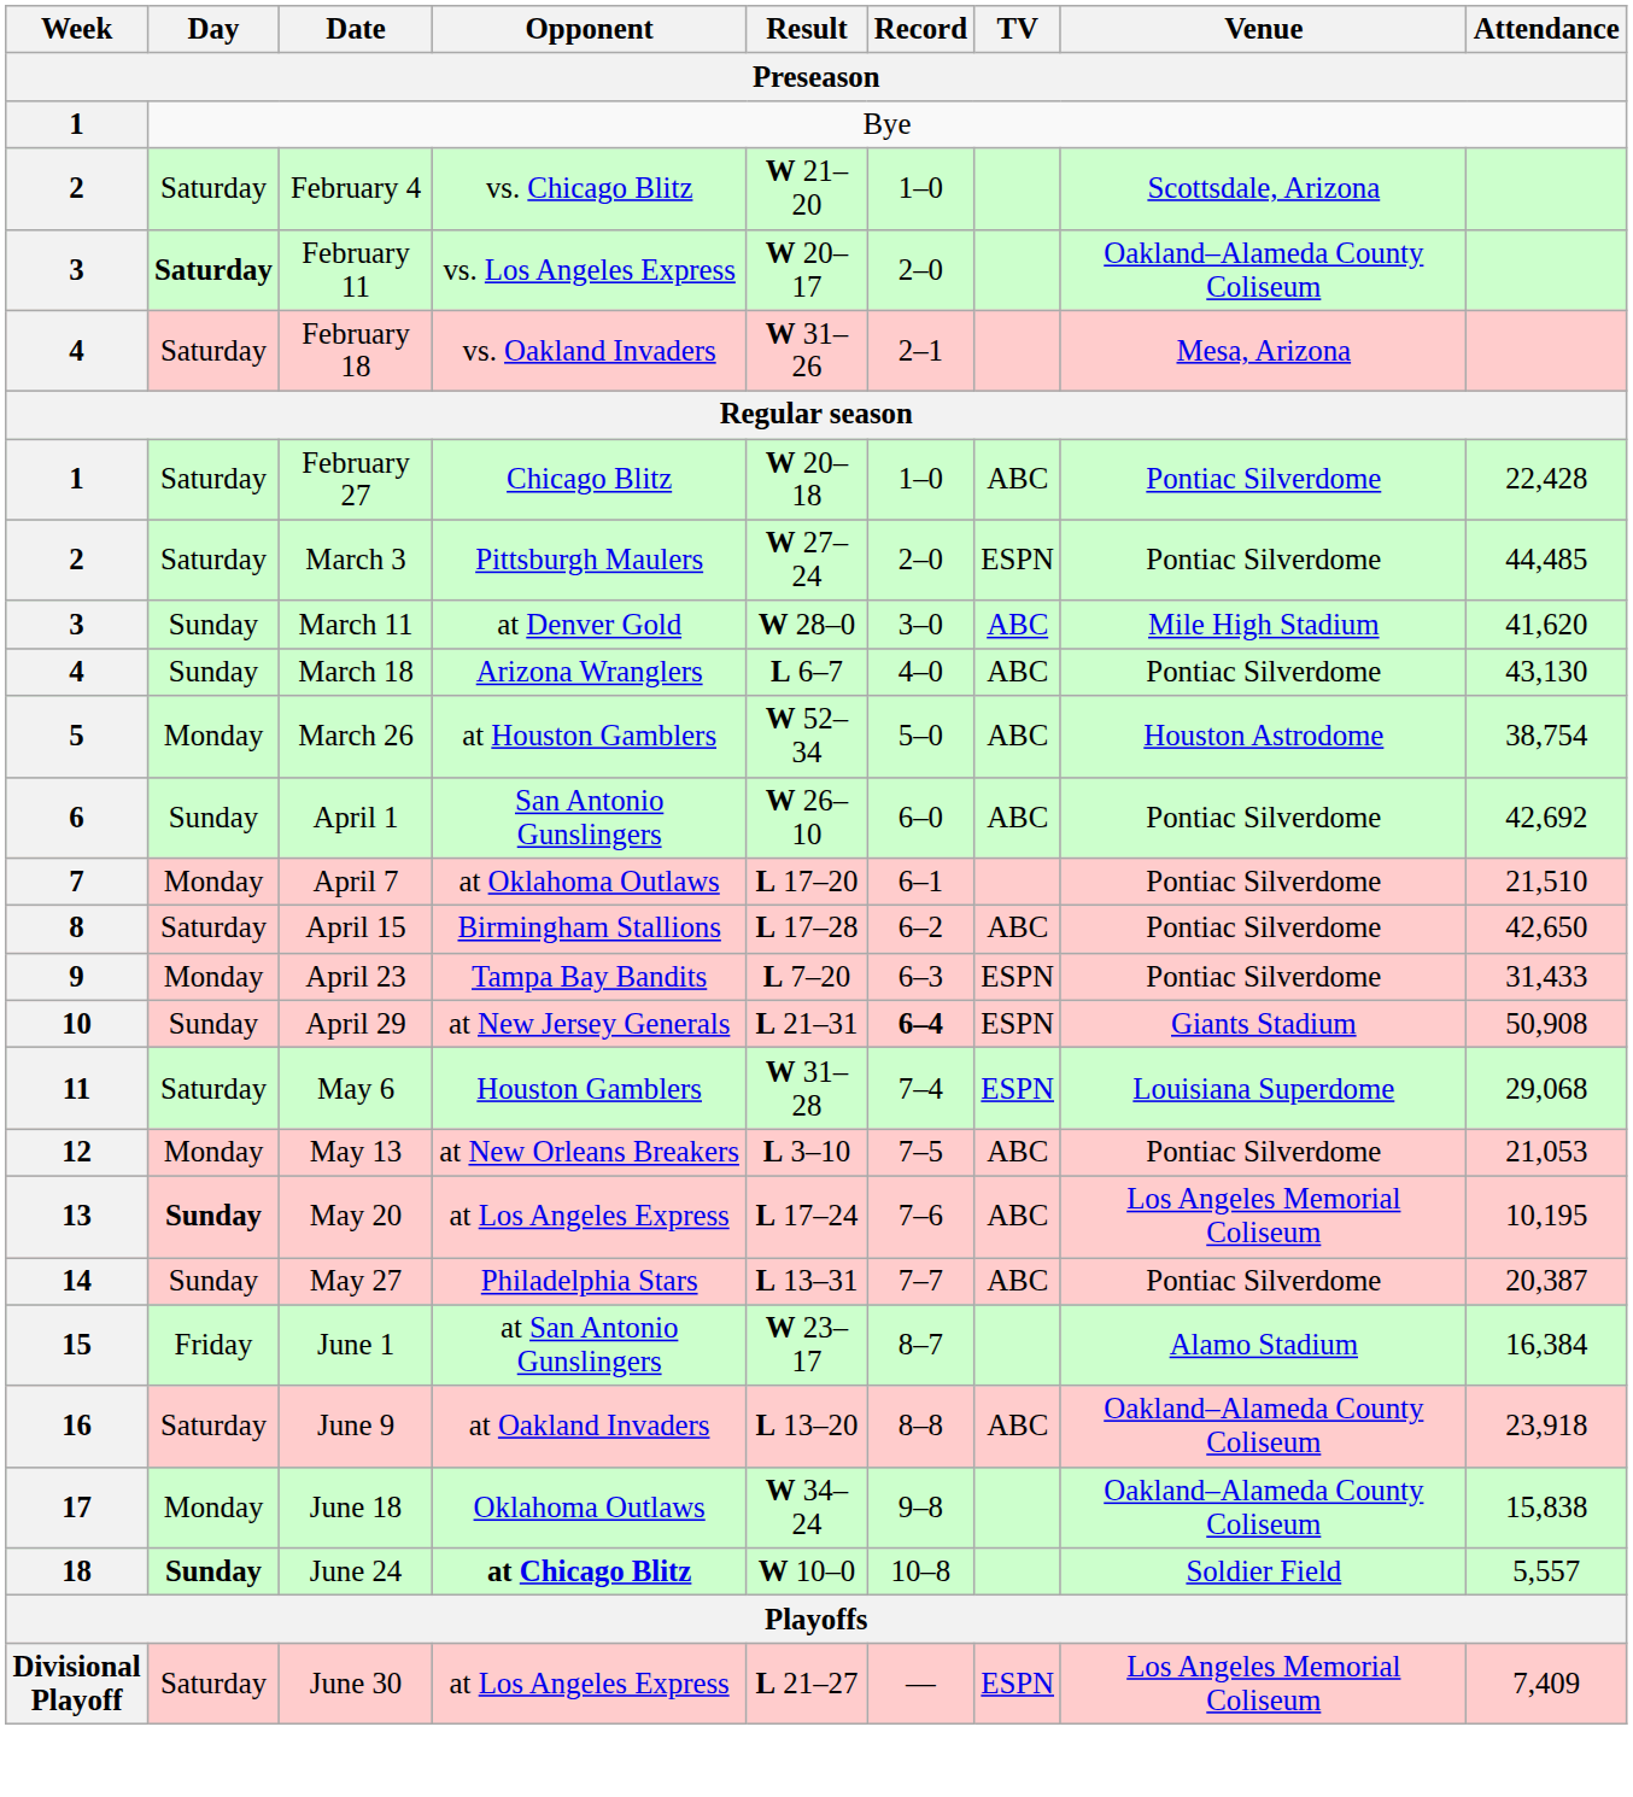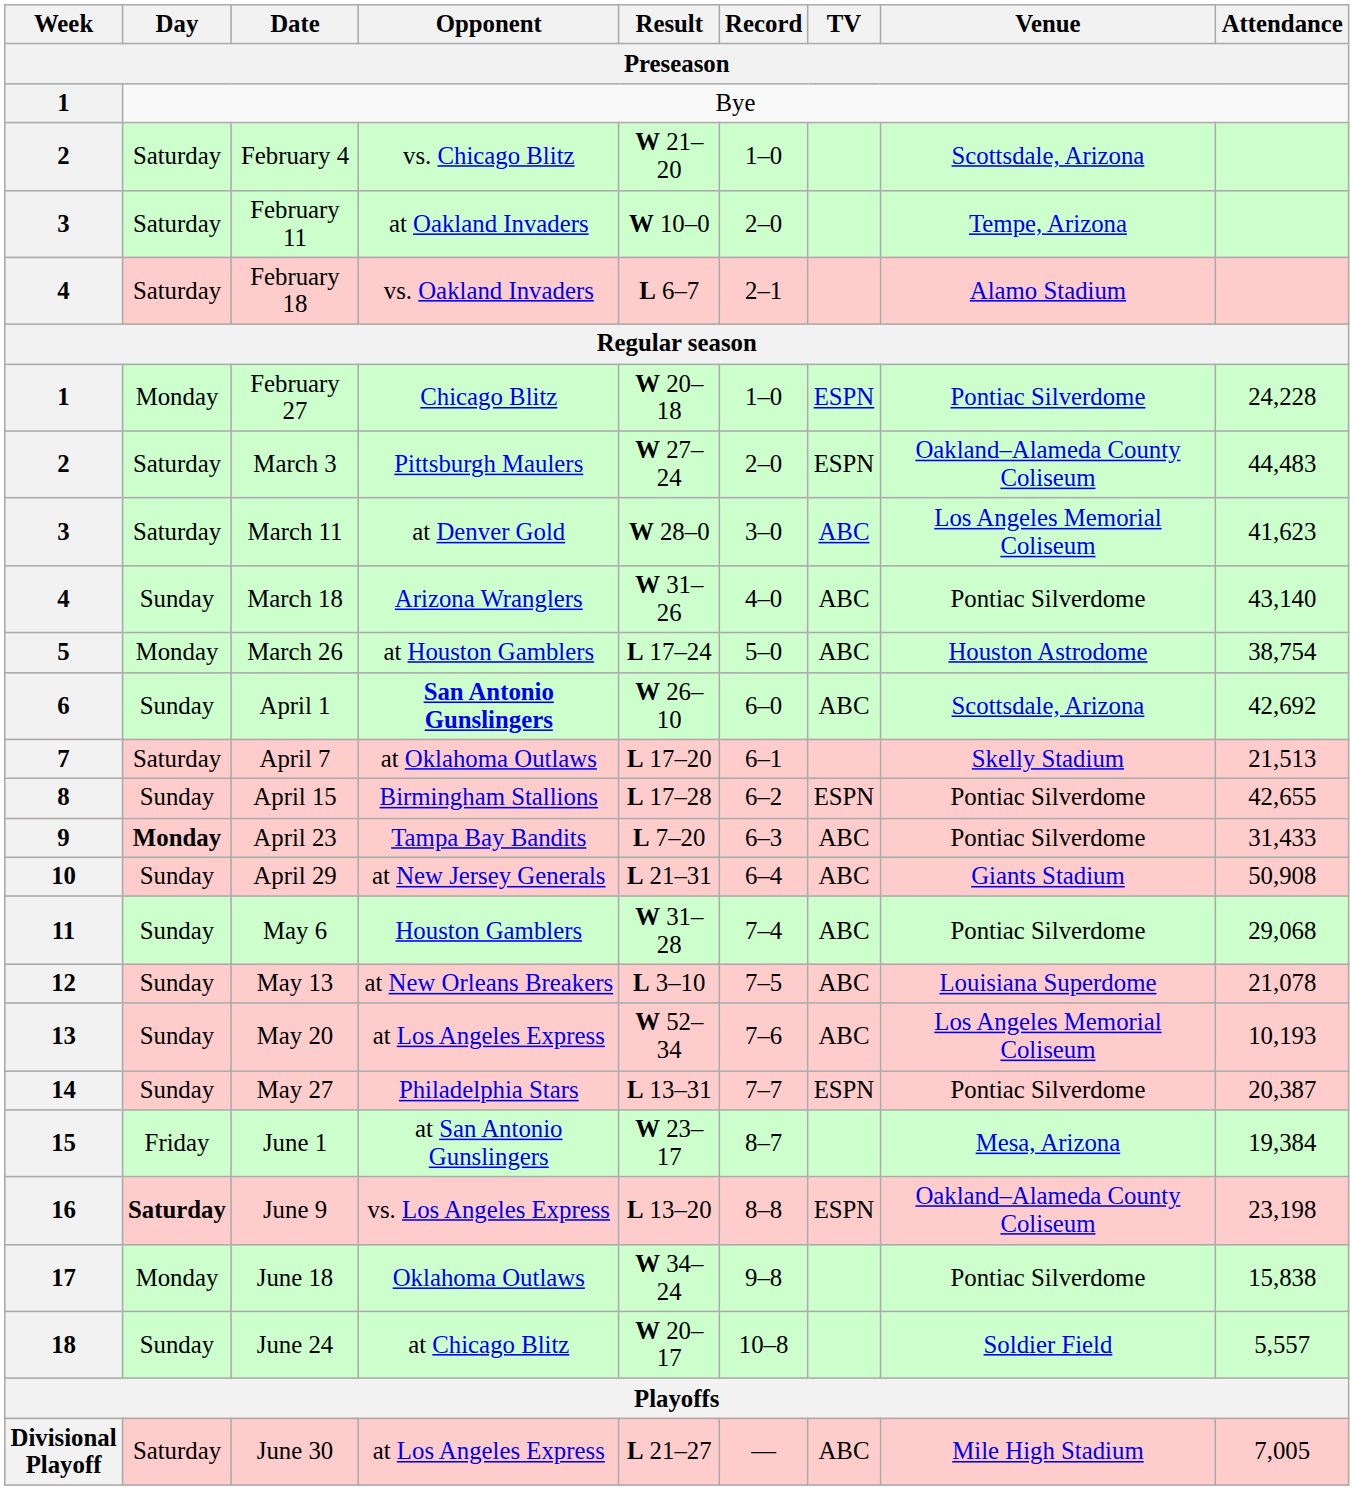 <table class="wikitable" style="text-align:center">
 <tr>
 <th>Week</th>
 <th>Day</th>
 <th>Date</th>
 <th>Opponent</th>
 <th>Result</th>
 <th>Record</th>
 <th>TV</th>
 <th>Venue</th>
 <th>Attendance</th>
 </tr>
 <tr>
 <th colspan="9">Preseason</th>
 </tr>
 <tr>
 <th>1</th>
 <td colspan=8>Bye</td>
 </tr>
 <tr style="background:#cfc">
 <th>2</th>
 <td>Saturday</td>
 <td>February 4</td>
 <td>vs. <a href='#'>Chicago Blitz</a></td>
 <td><strong>W</strong> 21–20</td>
 <td>1–0</td>
 <td></td>
 <td><a href='#'>Scottsdale, Arizona</a></td>
 <td></td>
 </tr>
 <tr style="background:#cfc">
 <th>3</th>
-<td><strong>Saturday</strong></td>
+<td>Saturday</td>
 <td>February 11</td>
-<td>vs. <a href='#'>Los Angeles Express</a></td>
-<td><strong>W</strong> 20–17</td>
+<td>at <a href='#'>Oakland Invaders</a></td>
+<td><strong>W</strong> 10–0</td>
 <td>2–0</td>
 <td></td>
-<td><a href='#'>Oakland–Alameda County Coliseum</a></td>
+<td><a href='#'>Tempe, Arizona</a></td>
 <td></td>
 </tr>
 <tr style="background:#fcc">
 <th>4</th>
 <td>Saturday</td>
 <td>February 18</td>
 <td>vs. <a href='#'>Oakland Invaders</a></td>
-<td><strong>W</strong> 31–26</td>
+<td><strong>L</strong> 6–7</td>
 <td>2–1</td>
 <td></td>
-<td><a href='#'>Mesa, Arizona</a></td>
+<td><a href='#'>Alamo Stadium</a></td>
 <td></td>
 </tr>
 <tr style="text-align:center;">
 <th colspan="9">Regular season</th>
 </tr>
 <tr style="background:#cfc">
 <th>1</th>
-<td>Saturday</td>
+<td>Monday</td>
 <td>February 27</td>
 <td><a href='#'>Chicago Blitz</a></td>
 <td><strong>W</strong> 20–18</td>
 <td>1–0</td>
-<td>ABC</td>
+<td><a href='#'>ESPN</a></td>
 <td><a href='#'>Pontiac Silverdome</a></td>
-<td>22,428</td>
+<td>24,228</td>
 </tr>
 <tr style="background:#cfc">
 <th>2</th>
 <td>Saturday</td>
 <td>March 3</td>
 <td><a href='#'>Pittsburgh Maulers</a></td>
 <td><strong>W</strong> 27–24</td>
 <td>2–0</td>
 <td>ESPN</td>
-<td>Pontiac Silverdome</td>
-<td>44,485</td>
+<td><a href='#'>Oakland–Alameda County Coliseum</a></td>
+<td>44,483</td>
 </tr>
 <tr style="background:#cfc">
 <th>3</th>
-<td>Sunday</td>
+<td>Saturday</td>
 <td>March 11</td>
 <td>at <a href='#'>Denver Gold</a></td>
 <td><strong>W</strong> 28–0</td>
 <td>3–0</td>
 <td><a href='#'>ABC</a></td>
-<td><a href='#'>Mile High Stadium</a></td>
-<td>41,620</td>
+<td><a href='#'>Los Angeles Memorial Coliseum</a></td>
+<td>41,623</td>
 </tr>
 <tr style="background:#cfc">
 <th>4</th>
 <td>Sunday</td>
 <td>March 18</td>
 <td><a href='#'>Arizona Wranglers</a></td>
-<td><strong>L</strong> 6–7</td>
+<td><strong>W</strong> 31–26</td>
 <td>4–0</td>
 <td>ABC</td>
 <td>Pontiac Silverdome</td>
-<td>43,130</td>
+<td>43,140</td>
 </tr>
 <tr style="background:#cfc">
 <th>5</th>
 <td>Monday</td>
 <td>March 26</td>
 <td>at <a href='#'>Houston Gamblers</a></td>
-<td><strong>W</strong> 52–34</td>
+<td><strong>L</strong> 17–24</td>
 <td>5–0</td>
 <td>ABC</td>
 <td><a href='#'>Houston Astrodome</a></td>
 <td>38,754</td>
 </tr>
 <tr style="background:#cfc">
 <th>6</th>
 <td>Sunday</td>
 <td>April 1</td>
-<td><a href='#'>San Antonio Gunslingers</a></td>
+<td><strong><a href='#'>San Antonio Gunslingers</a></strong></td>
 <td><strong>W</strong> 26–10</td>
 <td>6–0</td>
 <td>ABC</td>
-<td>Pontiac Silverdome</td>
+<td><a href='#'>Scottsdale, Arizona</a></td>
 <td>42,692</td>
 </tr>
 <tr style="background:#fcc">
 <th>7</th>
-<td>Monday</td>
+<td>Saturday</td>
 <td>April 7</td>
 <td>at <a href='#'>Oklahoma Outlaws</a></td>
 <td><strong>L</strong> 17–20</td>
 <td>6–1</td>
 <td></td>
-<td>Pontiac Silverdome</td>
-<td>21,510</td>
+<td><a href='#'>Skelly Stadium</a></td>
+<td>21,513</td>
 </tr>
 <tr style="background:#fcc">
 <th>8</th>
-<td>Saturday</td>
+<td>Sunday</td>
 <td>April 15</td>
 <td><a href='#'>Birmingham Stallions</a></td>
 <td><strong>L</strong> 17–28</td>
 <td>6–2</td>
-<td>ABC</td>
+<td>ESPN</td>
 <td>Pontiac Silverdome</td>
-<td>42,650</td>
+<td>42,655</td>
 </tr>
 <tr style="background:#fcc">
 <th>9</th>
-<td>Monday</td>
+<td><strong>Monday</strong></td>
 <td>April 23</td>
 <td><a href='#'>Tampa Bay Bandits</a></td>
 <td><strong>L</strong> 7–20</td>
 <td>6–3</td>
-<td>ESPN</td>
+<td>ABC</td>
 <td>Pontiac Silverdome</td>
 <td>31,433</td>
 </tr>
 <tr style="background:#fcc">
 <th>10</th>
 <td>Sunday</td>
 <td>April 29</td>
 <td>at <a href='#'>New Jersey Generals</a></td>
 <td><strong>L</strong> 21–31</td>
-<td><strong>6–4</strong></td>
-<td>ESPN</td>
+<td>6–4</td>
+<td>ABC</td>
 <td><a href='#'>Giants Stadium</a></td>
 <td>50,908</td>
 </tr>
 <tr style="background:#cfc">
 <th>11</th>
-<td>Saturday</td>
+<td>Sunday</td>
 <td>May 6</td>
 <td><a href='#'>Houston Gamblers</a></td>
 <td><strong>W</strong> 31–28 </td>
 <td>7–4</td>
-<td><a href='#'>ESPN</a></td>
-<td><a href='#'>Louisiana Superdome</a></td>
+<td>ABC</td>
+<td>Pontiac Silverdome</td>
 <td>29,068</td>
 </tr>
 <tr style="background:#fcc">
 <th>12</th>
-<td>Monday</td>
+<td>Sunday</td>
 <td>May 13</td>
 <td>at <a href='#'>New Orleans Breakers</a></td>
 <td><strong>L</strong> 3–10</td>
 <td>7–5</td>
 <td>ABC</td>
-<td>Pontiac Silverdome</td>
-<td>21,053</td>
+<td><a href='#'>Louisiana Superdome</a></td>
+<td>21,078</td>
 </tr>
 <tr style="background:#fcc">
 <th>13</th>
-<td><strong>Sunday</strong></td>
+<td>Sunday</td>
 <td>May 20</td>
 <td>at <a href='#'>Los Angeles Express</a></td>
-<td><strong>L</strong> 17–24</td>
+<td><strong>W</strong> 52–34</td>
 <td>7–6</td>
 <td>ABC</td>
 <td><a href='#'>Los Angeles Memorial Coliseum</a></td>
-<td>10,195</td>
+<td>10,193</td>
 </tr>
 <tr style="background:#fcc">
 <th>14</th>
 <td>Sunday</td>
 <td>May 27</td>
 <td><a href='#'>Philadelphia Stars</a></td>
 <td><strong>L</strong> 13–31</td>
 <td>7–7</td>
-<td>ABC</td>
+<td>ESPN</td>
 <td>Pontiac Silverdome</td>
 <td>20,387</td>
 </tr>
 <tr style="background:#cfc">
 <th>15</th>
 <td>Friday</td>
 <td>June 1</td>
 <td>at <a href='#'>San Antonio Gunslingers</a></td>
 <td><strong>W</strong> 23–17 </td>
 <td>8–7</td>
 <td></td>
-<td><a href='#'>Alamo Stadium</a></td>
-<td>16,384</td>
+<td><a href='#'>Mesa, Arizona</a></td>
+<td>19,384</td>
 </tr>
 <tr style="background:#fcc">
 <th>16</th>
-<td>Saturday</td>
+<td><strong>Saturday</strong></td>
 <td>June 9</td>
-<td>at <a href='#'>Oakland Invaders</a></td>
+<td>vs. <a href='#'>Los Angeles Express</a></td>
 <td><strong>L</strong> 13–20</td>
 <td>8–8</td>
-<td>ABC</td>
+<td>ESPN</td>
 <td><a href='#'>Oakland–Alameda County Coliseum</a></td>
-<td>23,918</td>
+<td>23,198</td>
 </tr>
 <tr style="background:#cfc">
 <th>17</th>
 <td>Monday</td>
 <td>June 18</td>
 <td><a href='#'>Oklahoma Outlaws</a></td>
 <td><strong>W</strong> 34–24</td>
 <td>9–8</td>
 <td></td>
-<td><a href='#'>Oakland–Alameda County Coliseum</a></td>
+<td>Pontiac Silverdome</td>
 <td>15,838</td>
 </tr>
 <tr style="background:#cfc">
 <th>18</th>
-<td><strong>Sunday</strong></td>
+<td>Sunday</td>
 <td>June 24</td>
-<td><strong>at <a href='#'>Chicago Blitz</a></strong></td>
-<td><strong>W</strong> 10–0</td>
+<td>at <a href='#'>Chicago Blitz</a></td>
+<td><strong>W</strong> 20–17</td>
 <td>10–8</td>
 <td></td>
 <td><a href='#'>Soldier Field</a></td>
 <td>5,557</td>
 </tr>
 <tr>
 <th colspan="9">Playoffs</th>
 </tr>
 <tr style="background:#fcc">
 <th>Divisional<br>Playoff</th>
 <td>Saturday</td>
 <td>June 30</td>
 <td>at <a href='#'>Los Angeles Express</a></td>
 <td><strong>L</strong> 21–27 </td>
 <td>—</td>
-<td><a href='#'>ESPN</a></td>
-<td><a href='#'>Los Angeles Memorial Coliseum</a></td>
-<td>7,409</td>
+<td>ABC</td>
+<td><a href='#'>Mile High Stadium</a></td>
+<td>7,005</td>
 </tr>
 </table>
